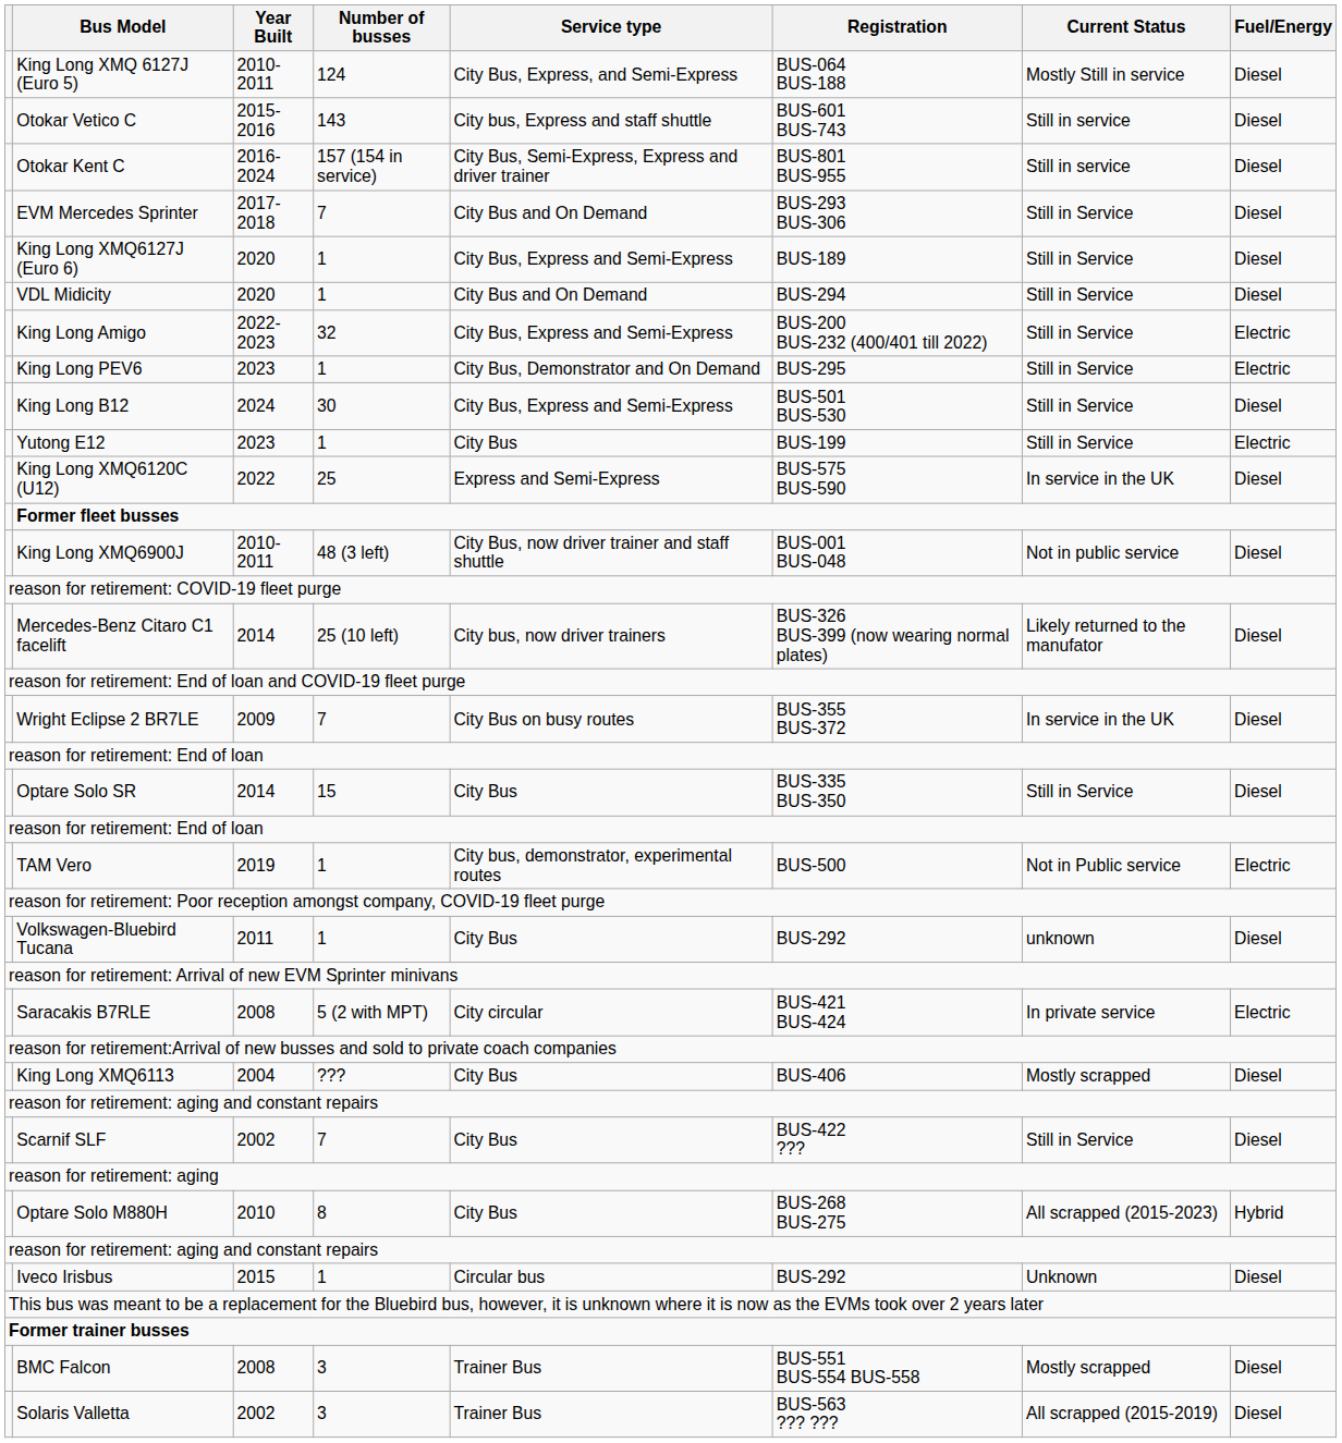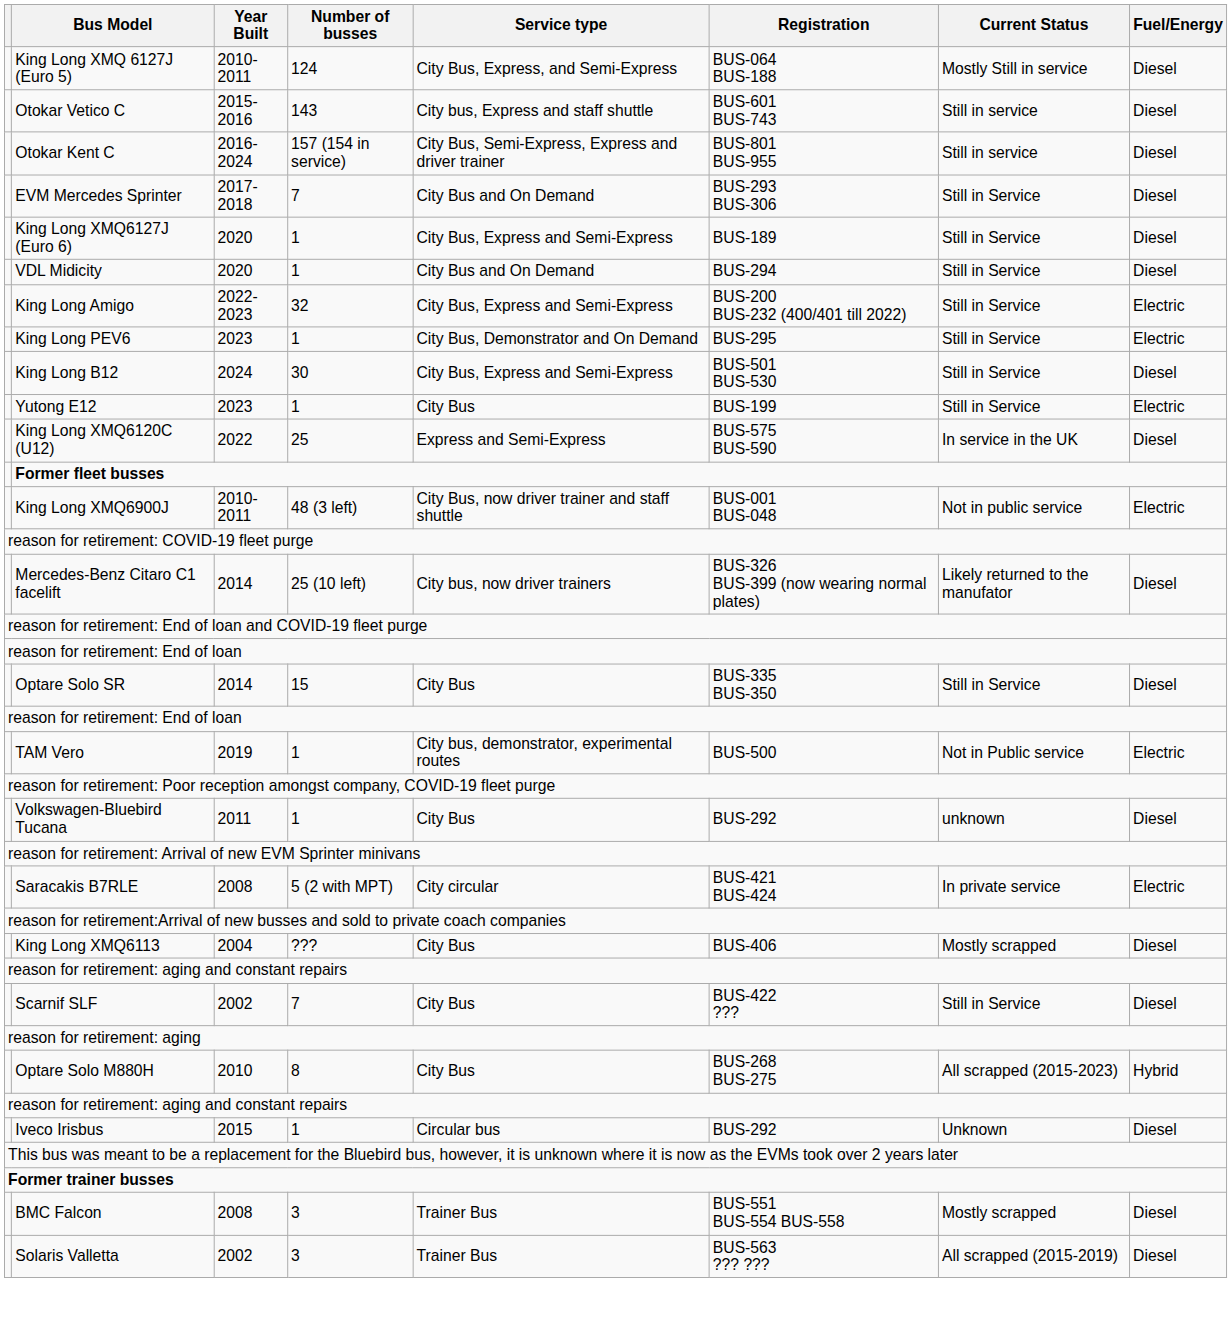 <table class="wikitable">
 <tr>
 <th></th>
 <th>Bus Model</th>
 <th>Year Built</th>
 <th>Number of busses</th>
 <th>Service type</th>
 <th>Registration</th>
 <th>Current Status</th>
 <th>Fuel/Energy</th>
 </tr>
 <tr>
 <td></td>
 <td>King Long XMQ 6127J (Euro 5)</td>
 <td>2010-2011</td>
 <td>124</td>
 <td>City Bus, Express, and Semi-Express</td>
 <td>BUS-064<br>BUS-188</td>
 <td>Mostly Still in service</td>
 <td>Diesel</td>
 </tr>
 <tr>
 <td></td>
 <td>Otokar Vetico C</td>
 <td>2015-2016</td>
 <td>143</td>
 <td>City bus, Express and staff shuttle</td>
 <td>BUS-601<br>BUS-743</td>
 <td>Still in service</td>
 <td>Diesel</td>
 </tr>
 <tr>
 <td></td>
 <td>Otokar Kent C</td>
 <td>2016-2024</td>
 <td>157 (154 in service)</td>
 <td>City Bus, Semi-Express, Express and driver trainer</td>
 <td>BUS-801<br>BUS-955</td>
 <td>Still in service</td>
 <td>Diesel</td>
 </tr>
 <tr>
 <td></td>
 <td>EVM Mercedes Sprinter</td>
 <td>2017-2018</td>
 <td>7</td>
 <td>City Bus and On Demand</td>
 <td>BUS-293<br>BUS-306</td>
 <td>Still in Service</td>
 <td>Diesel</td>
 </tr>
 <tr>
 <td></td>
 <td>King Long XMQ6127J (Euro 6)</td>
 <td>2020</td>
 <td>1</td>
 <td>City Bus, Express and Semi-Express</td>
 <td>BUS-189</td>
 <td>Still in Service</td>
 <td>Diesel</td>
 </tr>
 <tr>
 <td></td>
 <td>VDL Midicity</td>
 <td>2020</td>
 <td>1</td>
 <td>City Bus and On Demand</td>
 <td>BUS-294</td>
 <td>Still in Service</td>
 <td>Diesel</td>
 </tr>
 <tr>
 <td></td>
 <td>King Long Amigo</td>
 <td>2022-2023</td>
 <td>32</td>
 <td>City Bus, Express and Semi-Express</td>
 <td>BUS-200<br>BUS-232 (400/401 till 2022)</td>
 <td>Still in Service</td>
 <td>Electric</td>
 </tr>
 <tr>
 <td></td>
 <td>King Long PEV6</td>
 <td>2023</td>
 <td>1</td>
 <td>City Bus, Demonstrator and On Demand</td>
 <td>BUS-295</td>
 <td>Still in Service</td>
 <td>Electric</td>
 </tr>
 <tr>
 <td></td>
 <td>King Long B12</td>
 <td>2024</td>
 <td>30</td>
 <td>City Bus, Express and Semi-Express</td>
 <td>BUS-501<br>BUS-530</td>
 <td>Still in Service</td>
 <td>Diesel</td>
 </tr>
 <tr>
 <td></td>
 <td>Yutong E12</td>
 <td>2023</td>
 <td>1</td>
 <td>City Bus</td>
 <td>BUS-199</td>
 <td>Still in Service</td>
 <td>Electric</td>
 </tr>
 <tr>
 <td></td>
 <td>King Long XMQ6120C (U12)</td>
 <td>2022</td>
 <td>25</td>
 <td>Express and Semi-Express</td>
 <td>BUS-575<br>BUS-590</td>
 <td>In service in the UK</td>
 <td>Diesel</td>
 </tr>
 <tr>
 <td></td>
 <td colspan="7"><strong>Former fleet busses</strong></td>
 </tr>
 <tr>
 <td></td>
 <td>King Long XMQ6900J</td>
 <td>2010-2011</td>
 <td>48 (3 left)</td>
 <td>City Bus, now driver trainer and staff shuttle</td>
 <td>BUS-001<br>BUS-048</td>
 <td>Not in public service</td>
-<td>Diesel</td>
+<td>Electric</td>
 </tr>
 <tr>
 <td colspan="8">reason for retirement: COVID-19 fleet purge</td>
 </tr>
 <tr>
 <td></td>
 <td>Mercedes-Benz Citaro C1 facelift</td>
 <td>2014</td>
 <td>25 (10 left)</td>
 <td>City bus, now driver trainers</td>
 <td>BUS-326<br>BUS-399 (now wearing normal plates)</td>
 <td>Likely returned to the manufator</td>
 <td>Diesel</td>
 </tr>
 <tr>
 <td colspan="8">reason for retirement: End of loan and COVID-19 fleet purge</td>
-</tr>
-<tr>
-<td></td>
-<td>Wright Eclipse 2 BR7LE</td>
-<td>2009</td>
-<td>7</td>
-<td>City Bus on busy routes</td>
-<td>BUS-355<br>BUS-372</td>
-<td>In service in the UK</td>
-<td>Diesel</td>
 </tr>
 <tr>
 <td colspan="8">reason for retirement: End of loan</td>
 </tr>
 <tr>
 <td></td>
 <td>Optare Solo SR</td>
 <td>2014</td>
 <td>15</td>
 <td>City Bus</td>
 <td>BUS-335<br>BUS-350</td>
 <td>Still in Service</td>
 <td>Diesel</td>
 </tr>
 <tr>
 <td colspan="8">reason for retirement: End of loan</td>
 </tr>
 <tr>
 <td></td>
 <td>TAM Vero</td>
 <td>2019</td>
 <td>1</td>
 <td>City bus, demonstrator, experimental routes</td>
 <td>BUS-500</td>
 <td>Not in Public service</td>
 <td>Electric</td>
 </tr>
 <tr>
 <td colspan="8">reason for retirement: Poor reception amongst company, COVID-19 fleet purge</td>
 </tr>
 <tr>
 <td></td>
 <td>Volkswagen-Bluebird Tucana</td>
 <td>2011</td>
 <td>1</td>
 <td>City Bus</td>
 <td>BUS-292</td>
 <td>unknown</td>
 <td>Diesel</td>
 </tr>
 <tr>
 <td colspan="8">reason for retirement: Arrival of new EVM Sprinter minivans</td>
 </tr>
 <tr>
 <td></td>
 <td>Saracakis B7RLE</td>
 <td>2008</td>
 <td>5 (2 with MPT)</td>
 <td>City circular</td>
 <td>BUS-421<br>BUS-424</td>
 <td>In private service</td>
 <td>Electric</td>
 </tr>
 <tr>
 <td colspan="8">reason for retirement:Arrival of new busses and sold to private coach companies</td>
 </tr>
 <tr>
 <td></td>
 <td>King Long XMQ6113</td>
 <td>2004</td>
 <td>???</td>
 <td>City Bus</td>
 <td>BUS-406</td>
 <td>Mostly scrapped</td>
 <td>Diesel</td>
 </tr>
 <tr>
 <td colspan="8">reason for retirement: aging and constant repairs</td>
 </tr>
 <tr>
 <td></td>
 <td>Scarnif SLF</td>
 <td>2002</td>
 <td>7</td>
 <td>City Bus</td>
 <td>BUS-422<br>???</td>
 <td>Still in Service</td>
 <td>Diesel</td>
 </tr>
 <tr>
 <td colspan="8">reason for retirement: aging</td>
 </tr>
 <tr>
 <td></td>
 <td>Optare Solo M880H</td>
 <td>2010</td>
 <td>8</td>
 <td>City Bus</td>
 <td>BUS-268<br>BUS-275</td>
 <td>All scrapped (2015-2023)</td>
 <td>Hybrid</td>
 </tr>
 <tr>
 <td colspan="8">reason for retirement: aging and constant repairs</td>
 </tr>
 <tr>
 <td></td>
 <td>Iveco Irisbus</td>
 <td>2015</td>
 <td>1</td>
 <td>Circular bus</td>
 <td>BUS-292</td>
 <td>Unknown</td>
 <td>Diesel</td>
 </tr>
 <tr>
 <td colspan="8">This bus was meant to be a replacement for the Bluebird bus, however, it is unknown where it is now as the EVMs took over 2 years later</td>
 </tr>
 <tr>
 <td colspan="8"><strong>Former trainer busses</strong></td>
 </tr>
 <tr>
 <td></td>
 <td>BMC Falcon</td>
 <td>2008</td>
 <td>3</td>
 <td>Trainer Bus</td>
 <td>BUS-551<br>BUS-554 BUS-558</td>
 <td>Mostly scrapped</td>
 <td>Diesel</td>
 </tr>
 <tr>
 <td></td>
 <td>Solaris Valletta</td>
 <td>2002</td>
 <td>3</td>
 <td>Trainer Bus</td>
 <td>BUS-563<br>??? ???</td>
 <td>All scrapped (2015-2019)</td>
 <td>Diesel</td>
 </tr>
 </table>
